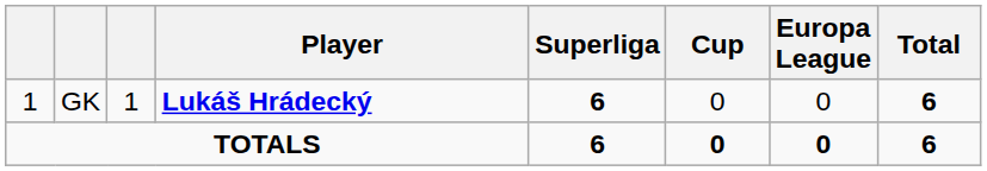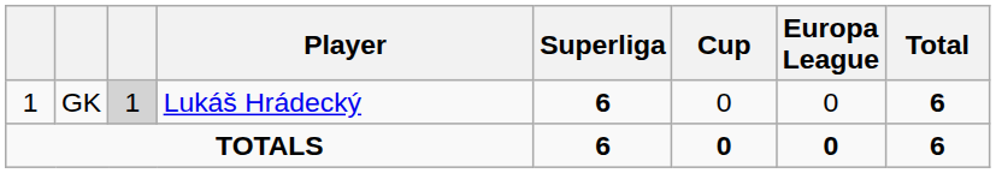 <table class="wikitable sortable" style="font-size: 95%; text-align: center;">
 <tr>
 <th width=20></th>
 <th width=20></th>
 <th width=20></th>
 <th width=200>Player</th>
 <th width=50>Superliga</th>
 <th width=50>Cup</th>
 <th width=50>Europa League</th>
 <th width=50>Total</th>
 </tr>
 <tr>
 <td>1</td>
 <td>GK</td>
-<td>1</td>
-<td align=left><strong> <a href='#'>Lukáš Hrádecký</a></strong></td>
+<td style="background: lightgrey;">1</td>
+<td align=left> <a href='#'>Lukáš Hrádecký</a></td>
 <td><strong>6</strong></td>
 <td>0</td>
 <td>0</td>
 <td><strong>6</strong></td>
 </tr>
 <tr>
 <td colspan="4"><strong>TOTALS</strong></td>
 <td><strong>6</strong></td>
 <td><strong>0</strong></td>
 <td><strong>0</strong></td>
 <td><strong>6</strong></td>
 </tr>
 </table>
